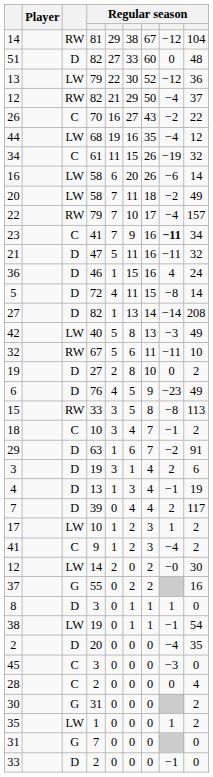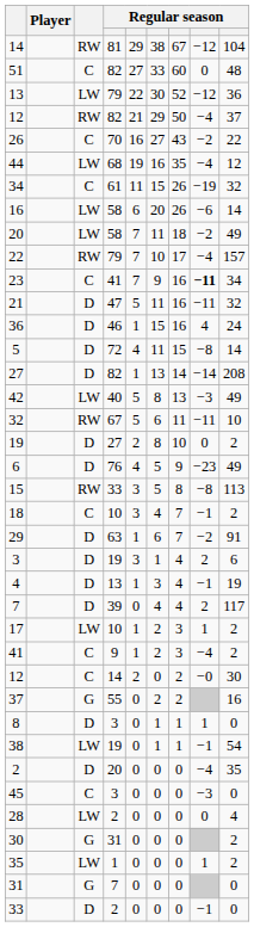 <table class="wikitable sortable plainrowheaders" style="text-align:center;">
 <tr>
 <th scope="col" data-sort-type="number" rowspan="2"></th>
 <th scope="col" rowspan="2">Player</th>
 <th scope="col" rowspan="2"></th>
 <th scope=colgroup colspan=6>Regular season</th>
 </tr>
 <tr>
 <th scope="col" data-sort-type="number"></th>
 <th scope="col" data-sort-type="number"></th>
 <th scope="col" data-sort-type="number"></th>
 <th scope="col" data-sort-type="number"></th>
 <th scope="col" data-sort-type="number"></th>
 <th scope="col" data-sort-type="number"></th>
 </tr>
 <tr>
 <td scope="row">14</td>
 <td align="left"></td>
 <td>RW</td>
 <td>81</td>
 <td>29</td>
 <td>38</td>
 <td>67</td>
 <td>−12</td>
 <td>104</td>
 </tr>
 <tr>
 <td scope="row">51</td>
 <td align="left"></td>
-<td>D</td>
+<td>C</td>
 <td>82</td>
 <td>27</td>
 <td>33</td>
 <td>60</td>
 <td>0</td>
 <td>48</td>
 </tr>
 <tr>
 <td scope="row">13</td>
 <td align="left"></td>
 <td>LW</td>
 <td>79</td>
 <td>22</td>
 <td>30</td>
 <td>52</td>
 <td>−12</td>
 <td>36</td>
 </tr>
 <tr>
 <td scope="row">12</td>
 <td align="left"></td>
 <td>RW</td>
 <td>82</td>
 <td>21</td>
 <td>29</td>
 <td>50</td>
 <td>−4</td>
 <td>37</td>
 </tr>
 <tr>
 <td scope="row">26</td>
 <td align="left"></td>
 <td>C</td>
 <td>70</td>
 <td>16</td>
 <td>27</td>
 <td>43</td>
 <td>−2</td>
 <td>22</td>
 </tr>
 <tr>
 <td scope="row">44</td>
 <td align="left"></td>
 <td>LW</td>
 <td>68</td>
 <td>19</td>
 <td>16</td>
 <td>35</td>
 <td>−4</td>
 <td>12</td>
 </tr>
 <tr>
 <td scope="row">34</td>
 <td align="left"></td>
 <td>C</td>
 <td>61</td>
 <td>11</td>
 <td>15</td>
 <td>26</td>
 <td>−19</td>
 <td>32</td>
 </tr>
 <tr>
 <td scope="row">16</td>
 <td align="left"></td>
 <td>LW</td>
 <td>58</td>
 <td>6</td>
 <td>20</td>
 <td>26</td>
 <td>−6</td>
 <td>14</td>
 </tr>
 <tr>
 <td scope="row">20</td>
 <td align="left"></td>
 <td>LW</td>
 <td>58</td>
 <td>7</td>
 <td>11</td>
 <td>18</td>
 <td>−2</td>
 <td>49</td>
 </tr>
 <tr>
 <td scope="row">22</td>
 <td align="left"></td>
 <td>RW</td>
 <td>79</td>
 <td>7</td>
 <td>10</td>
 <td>17</td>
 <td>−4</td>
 <td>157</td>
 </tr>
 <tr>
 <td scope="row">23</td>
 <td align="left"></td>
 <td>C</td>
 <td>41</td>
 <td>7</td>
 <td>9</td>
 <td>16</td>
 <td><strong>−11</strong></td>
 <td>34</td>
 </tr>
 <tr>
 <td scope="row">21</td>
 <td align="left"></td>
 <td>D</td>
 <td>47</td>
 <td>5</td>
 <td>11</td>
 <td>16</td>
 <td>−11</td>
 <td>32</td>
 </tr>
 <tr>
 <td scope="row">36</td>
 <td align="left"></td>
 <td>D</td>
 <td>46</td>
 <td>1</td>
 <td>15</td>
 <td>16</td>
 <td>4</td>
 <td>24</td>
 </tr>
 <tr>
 <td scope="row">5</td>
 <td align="left"></td>
 <td>D</td>
 <td>72</td>
 <td>4</td>
 <td>11</td>
 <td>15</td>
 <td>−8</td>
 <td>14</td>
 </tr>
 <tr>
 <td scope="row">27</td>
 <td align="left"></td>
 <td>D</td>
 <td>82</td>
 <td>1</td>
 <td>13</td>
 <td>14</td>
 <td>−14</td>
 <td>208</td>
 </tr>
 <tr>
 <td scope="row">42</td>
 <td align="left"></td>
 <td>LW</td>
 <td>40</td>
 <td>5</td>
 <td>8</td>
 <td>13</td>
 <td>−3</td>
 <td>49</td>
 </tr>
 <tr>
 <td scope="row">32</td>
 <td align="left"></td>
 <td>RW</td>
 <td>67</td>
 <td>5</td>
 <td>6</td>
 <td>11</td>
 <td>−11</td>
 <td>10</td>
 </tr>
 <tr>
 <td scope="row">19</td>
 <td align="left"></td>
 <td>D</td>
 <td>27</td>
 <td>2</td>
 <td>8</td>
 <td>10</td>
 <td>0</td>
 <td>2</td>
 </tr>
 <tr>
 <td scope="row">6</td>
 <td align="left"></td>
 <td>D</td>
 <td>76</td>
 <td>4</td>
 <td>5</td>
 <td>9</td>
 <td>−23</td>
 <td>49</td>
 </tr>
 <tr>
 <td scope="row">15</td>
 <td align="left"></td>
 <td>RW</td>
 <td>33</td>
 <td>3</td>
 <td>5</td>
 <td>8</td>
 <td>−8</td>
 <td>113</td>
 </tr>
 <tr>
 <td scope="row">18</td>
 <td align="left"></td>
 <td>C</td>
 <td>10</td>
 <td>3</td>
 <td>4</td>
 <td>7</td>
 <td>−1</td>
 <td>2</td>
 </tr>
 <tr>
 <td scope="row">29</td>
 <td align="left"></td>
 <td>D</td>
 <td>63</td>
 <td>1</td>
 <td>6</td>
 <td>7</td>
 <td>−2</td>
 <td>91</td>
 </tr>
 <tr>
 <td scope="row">3</td>
 <td align="left"></td>
 <td>D</td>
 <td>19</td>
 <td>3</td>
 <td>1</td>
 <td>4</td>
 <td>2</td>
 <td>6</td>
 </tr>
 <tr>
 <td scope="row">4</td>
 <td align="left"></td>
 <td>D</td>
 <td>13</td>
 <td>1</td>
 <td>3</td>
 <td>4</td>
 <td>−1</td>
 <td>19</td>
 </tr>
 <tr>
 <td scope="row">7</td>
 <td align="left"></td>
 <td>D</td>
 <td>39</td>
 <td>0</td>
 <td>4</td>
 <td>4</td>
 <td>2</td>
 <td>117</td>
 </tr>
 <tr>
 <td scope="row">17</td>
 <td align="left"></td>
 <td>LW</td>
 <td>10</td>
 <td>1</td>
 <td>2</td>
 <td>3</td>
 <td>1</td>
 <td>2</td>
 </tr>
 <tr>
 <td scope="row">41</td>
 <td align="left"></td>
 <td>C</td>
 <td>9</td>
 <td>1</td>
 <td>2</td>
 <td>3</td>
 <td>−4</td>
 <td>2</td>
 </tr>
 <tr>
 <td scope="row">12</td>
 <td align="left"></td>
-<td>LW</td>
+<td>C</td>
 <td>14</td>
 <td>2</td>
 <td>0</td>
 <td>2</td>
 <td>−0</td>
 <td>30</td>
 </tr>
 <tr>
 <td scope="row">37</td>
 <td align="left"></td>
 <td>G</td>
 <td>55</td>
 <td>0</td>
 <td>2</td>
 <td>2</td>
 <td style="background:#ccc"></td>
 <td>16</td>
 </tr>
 <tr>
 <td scope="row">8</td>
 <td align="left"></td>
 <td>D</td>
 <td>3</td>
 <td>0</td>
 <td>1</td>
 <td>1</td>
 <td>1</td>
 <td>0</td>
 </tr>
 <tr>
 <td scope="row">38</td>
 <td align="left"></td>
 <td>LW</td>
 <td>19</td>
 <td>0</td>
 <td>1</td>
 <td>1</td>
 <td>−1</td>
 <td>54</td>
 </tr>
 <tr>
 <td scope="row">2</td>
 <td align="left"></td>
 <td>D</td>
 <td>20</td>
 <td>0</td>
 <td>0</td>
 <td>0</td>
 <td>−4</td>
 <td>35</td>
 </tr>
 <tr>
 <td scope="row">45</td>
 <td align="left"></td>
 <td>C</td>
 <td>3</td>
 <td>0</td>
 <td>0</td>
 <td>0</td>
 <td>−3</td>
 <td>0</td>
 </tr>
 <tr>
 <td scope="row">28</td>
 <td align="left"></td>
-<td>C</td>
+<td>LW</td>
 <td>2</td>
 <td>0</td>
 <td>0</td>
 <td>0</td>
 <td>0</td>
 <td>4</td>
 </tr>
 <tr>
 <td scope="row">30</td>
 <td align="left"></td>
 <td>G</td>
 <td>31</td>
 <td>0</td>
 <td>0</td>
 <td>0</td>
 <td style="background:#ccc"></td>
 <td>2</td>
 </tr>
 <tr>
 <td scope="row">35</td>
 <td align="left"></td>
 <td>LW</td>
 <td>1</td>
 <td>0</td>
 <td>0</td>
 <td>0</td>
 <td>1</td>
 <td>2</td>
 </tr>
 <tr>
 <td scope="row">31</td>
 <td align="left"></td>
 <td>G</td>
 <td>7</td>
 <td>0</td>
 <td>0</td>
 <td>0</td>
 <td style="background:#ccc"></td>
 <td>0</td>
 </tr>
 <tr>
 <td scope="row">33</td>
 <td align="left"></td>
 <td>D</td>
 <td>2</td>
 <td>0</td>
 <td>0</td>
 <td>0</td>
 <td>−1</td>
 <td>0</td>
 </tr>
 </table>
